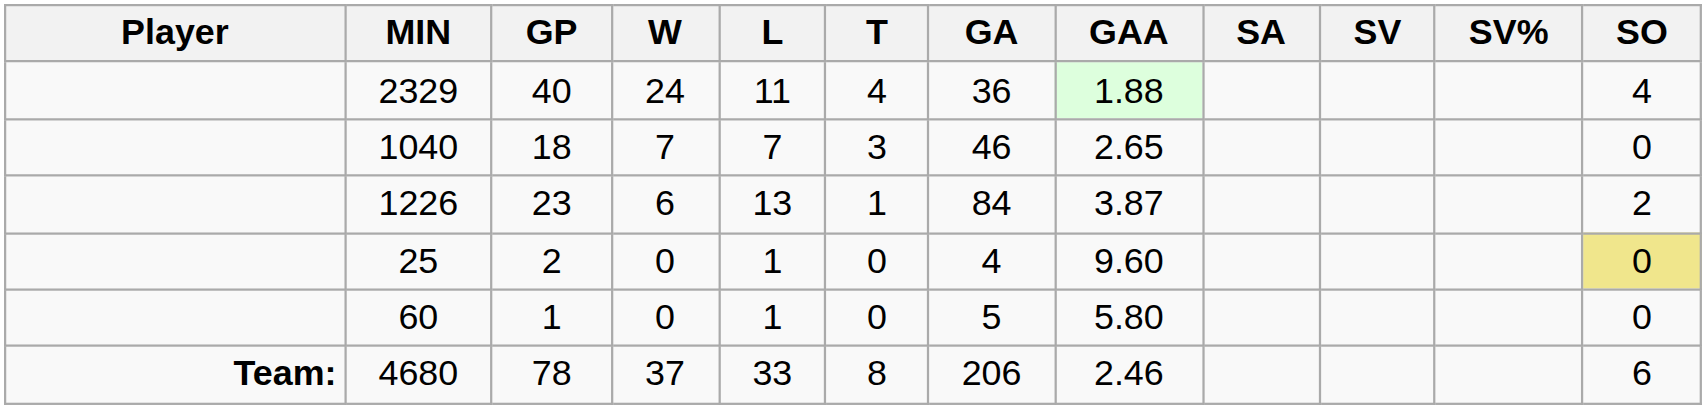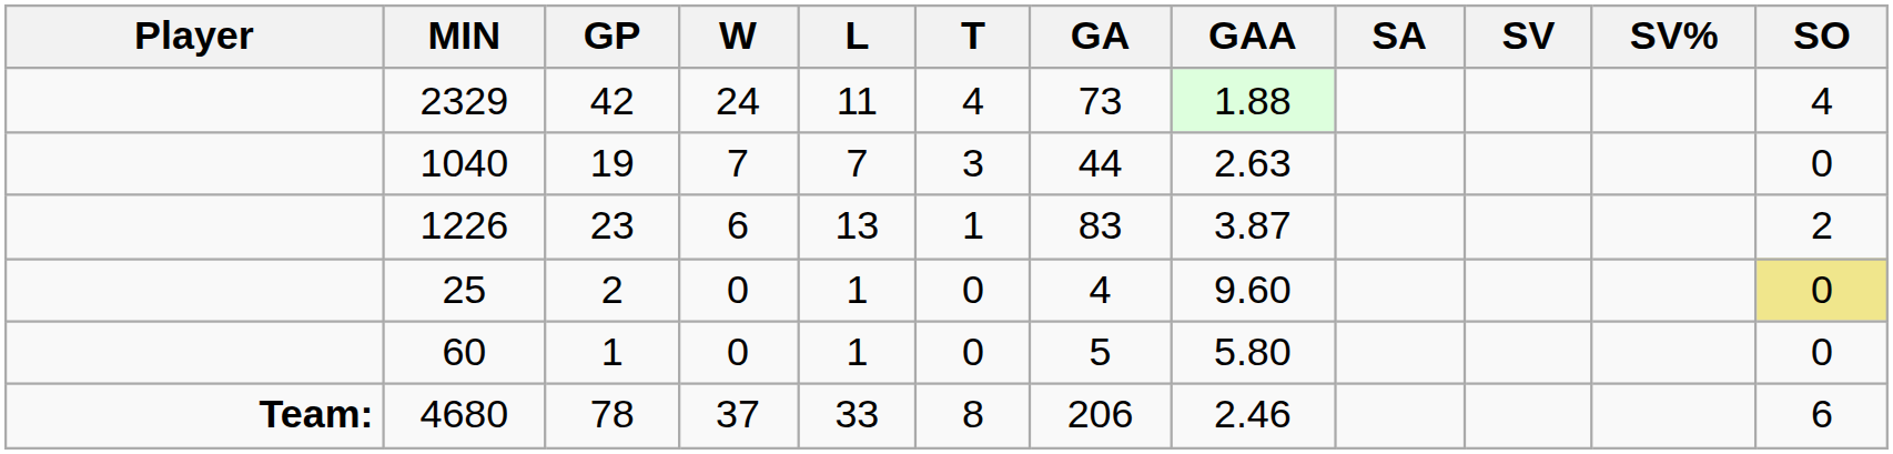 <table class="wikitable sortable" width="60%">
 <tr>
 <th bgcolor="#DDDDFF" width="10%">Player</th>
 <th width="3%" bgcolor="#DDDDFF">MIN</th>
 <th width="3%" bgcolor="#DDDDFF">GP</th>
 <th width="3%" bgcolor="#DDDDFF">W</th>
 <th width="3%" bgcolor="#DDDDFF">L</th>
 <th width="3%" bgcolor="#DDDDFF">T</th>
 <th width="3%" bgcolor="#DDDDFF">GA</th>
 <th width="3%" bgcolor="#DDDDFF">GAA</th>
 <th width="3%" bgcolor="#DDDDFF">SA</th>
 <th width="3%" bgcolor="#DDDDFF">SV</th>
 <th width="3%" bgcolor="#DDDDFF">SV%</th>
 <th width="3%" bgcolor="#DDDDFF">SO</th>
 </tr>
 <tr align="center">
 <td align="right"></td>
 <td>2329</td>
-<td>40</td>
+<td>42</td>
 <td>24</td>
 <td>11</td>
 <td>4</td>
-<td>36</td>
+<td>73</td>
 <td style="background:#DDFFDD;">1.88</td>
 <td></td>
 <td></td>
 <td></td>
 <td>4</td>
 </tr>
 <tr align="center">
 <td align="right"></td>
 <td>1040</td>
-<td>18</td>
+<td>19</td>
 <td>7</td>
 <td>7</td>
 <td>3</td>
-<td>46</td>
-<td>2.65</td>
+<td>44</td>
+<td>2.63</td>
 <td></td>
 <td></td>
 <td></td>
 <td>0</td>
 </tr>
 <tr align="center">
 <td align="right"></td>
 <td>1226</td>
 <td>23</td>
 <td>6</td>
 <td>13</td>
 <td>1</td>
-<td>84</td>
+<td>83</td>
 <td>3.87</td>
 <td></td>
 <td></td>
 <td></td>
 <td>2</td>
 </tr>
 <tr align="center">
 <td align="right"></td>
 <td>25</td>
 <td>2</td>
 <td>0</td>
 <td>1</td>
 <td>0</td>
 <td>4</td>
 <td>9.60</td>
 <td></td>
 <td></td>
 <td></td>
 <td style="background: khaki;">0</td>
 </tr>
 <tr align="center">
 <td align="right"></td>
 <td>60</td>
 <td>1</td>
 <td>0</td>
 <td>1</td>
 <td>0</td>
 <td>5</td>
 <td>5.80</td>
 <td></td>
 <td></td>
 <td></td>
 <td>0</td>
 </tr>
 <tr align="center">
 <td align="right"><strong>Team:</strong></td>
 <td>4680</td>
 <td>78</td>
 <td>37</td>
 <td>33</td>
 <td>8</td>
 <td>206</td>
 <td>2.46</td>
 <td></td>
 <td></td>
 <td></td>
 <td>6</td>
 </tr>
 </table>
